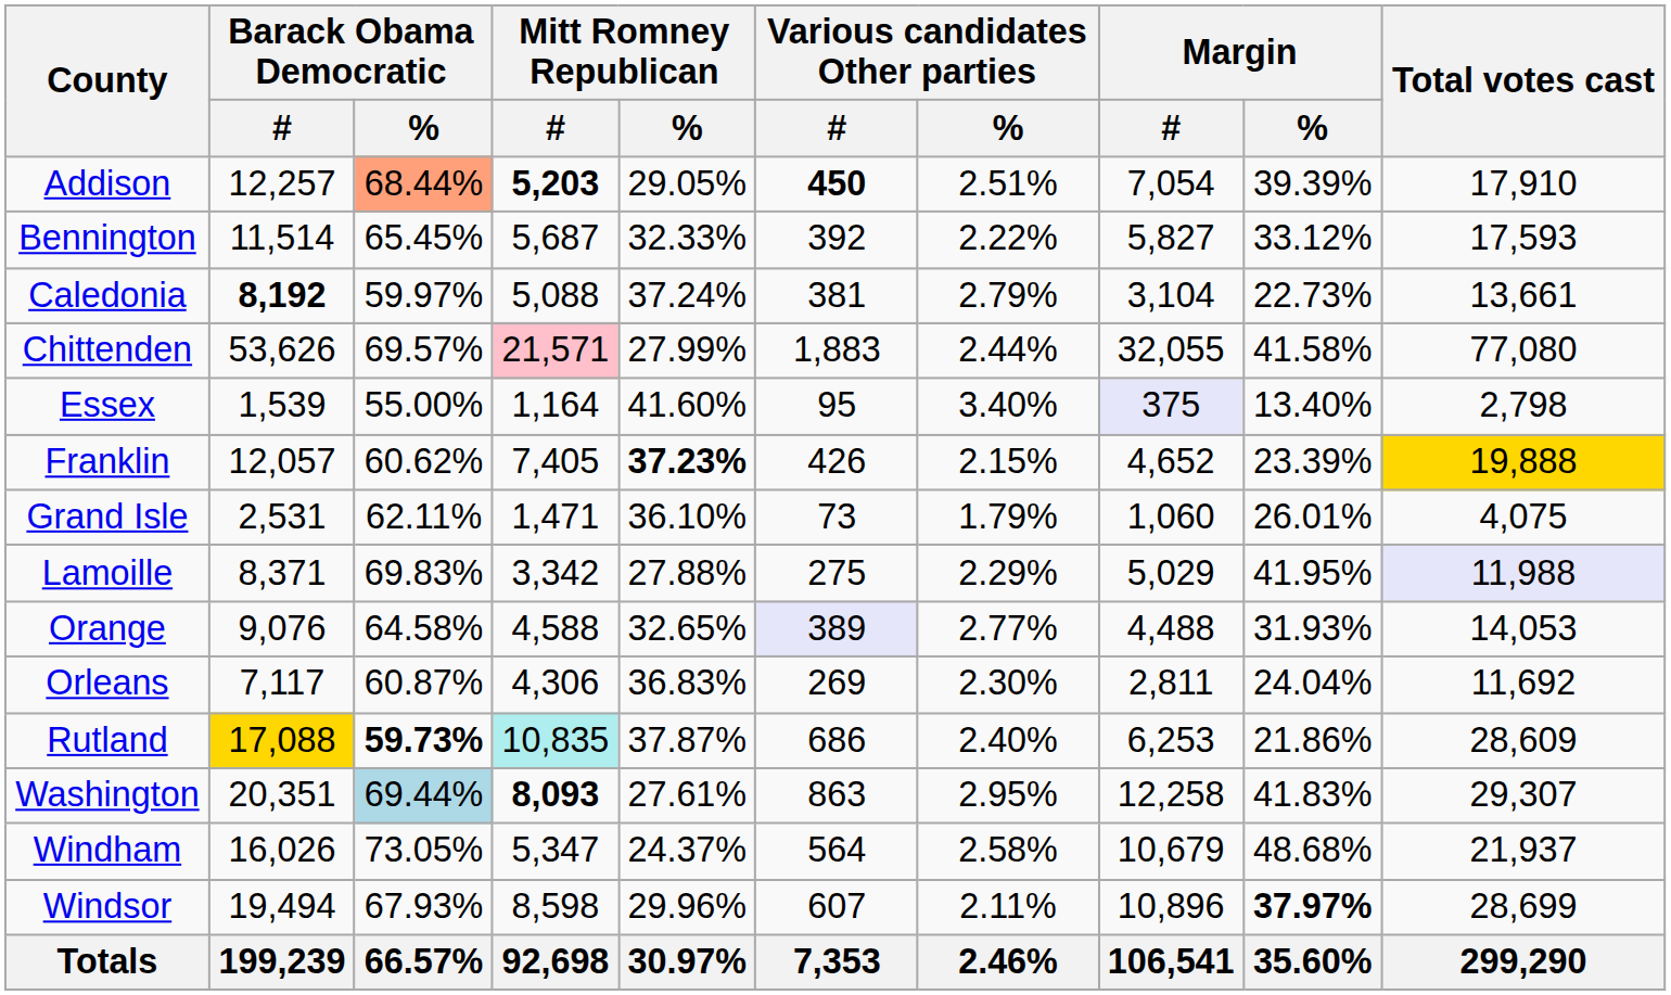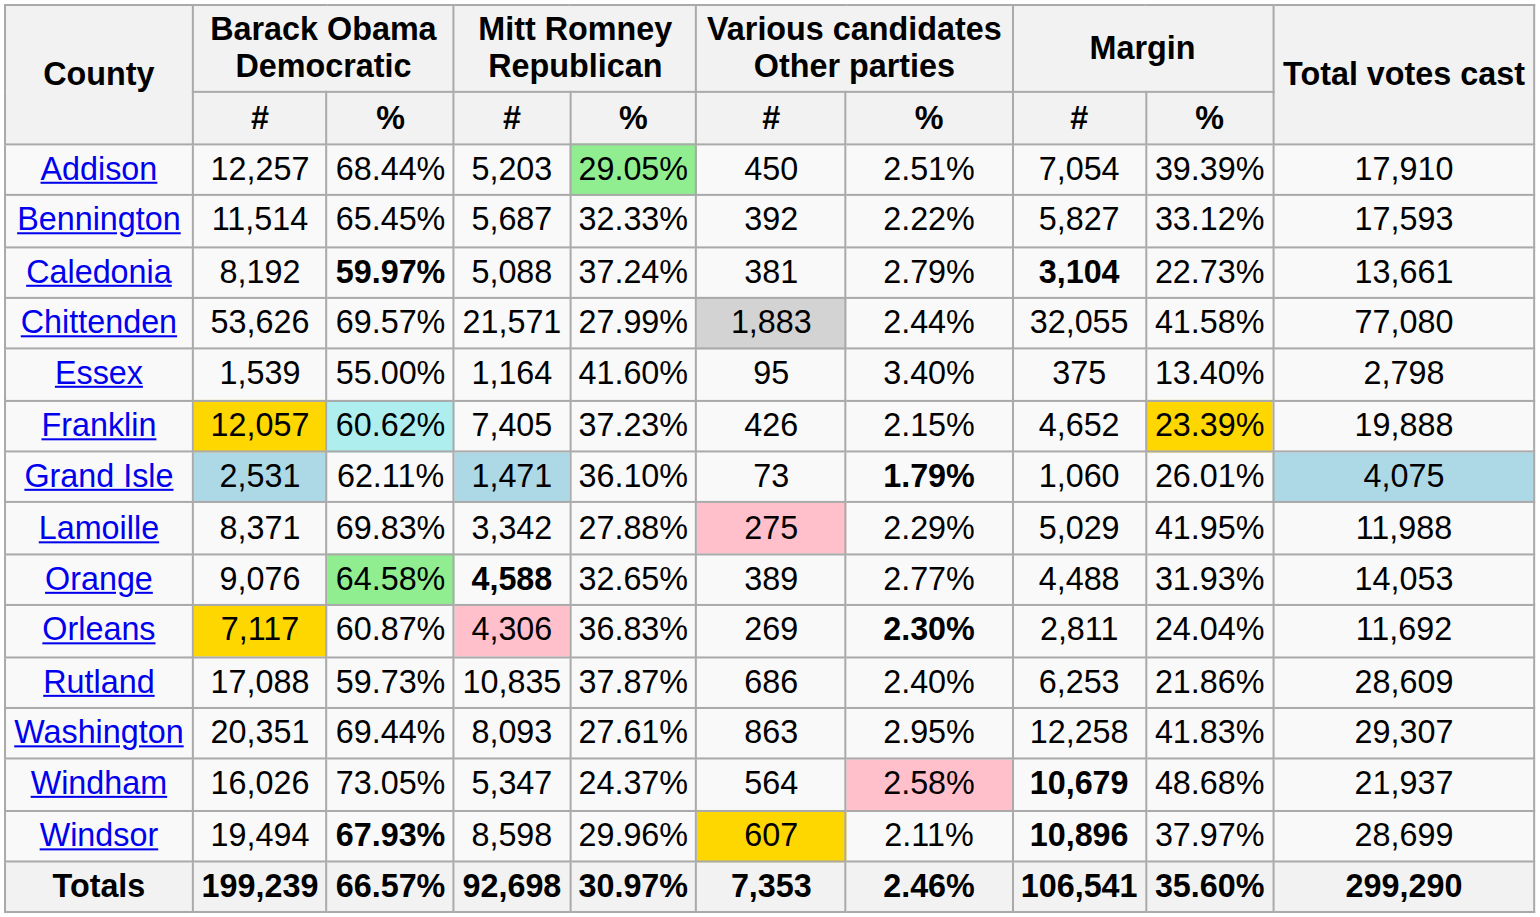 <table width="60%"  class="wikitable sortable" style="text-align:center">
 <tr>
 <th style="text-align:center;" rowspan="2">County</th>
 <th style="text-align:center;" colspan="2">Barack Obama<br>Democratic</th>
 <th style="text-align:center;" colspan="2">Mitt Romney<br>Republican</th>
 <th style="text-align:center;" colspan="2">Various candidates<br>Other parties</th>
 <th style="text-align:center;" colspan="2">Margin</th>
 <th style="text-align:center;" rowspan="2">Total votes cast</th>
 </tr>
 <tr>
 <th style="text-align:center;" data-sort-type="number">#</th>
 <th style="text-align:center;" data-sort-type="number">%</th>
 <th style="text-align:center;" data-sort-type="number">#</th>
 <th style="text-align:center;" data-sort-type="number">%</th>
 <th style="text-align:center;" data-sort-type="number">#</th>
 <th style="text-align:center;" data-sort-type="number">%</th>
 <th style="text-align:center;" data-sort-type="number">#</th>
 <th style="text-align:center;" data-sort-type="number">%</th>
 </tr>
 <tr style="text-align:center;">
 <td><a href='#'>Addison</a></td>
 <td>12,257</td>
-<td style="background: lightsalmon;">68.44%</td>
-<td><strong>5,203</strong></td>
-<td>29.05%</td>
-<td><strong>450</strong></td>
+<td>68.44%</td>
+<td>5,203</td>
+<td style="background: lightgreen;">29.05%</td>
+<td>450</td>
 <td>2.51%</td>
 <td>7,054</td>
 <td>39.39%</td>
 <td>17,910</td>
 </tr>
 <tr style="text-align:center;">
 <td><a href='#'>Bennington</a></td>
 <td>11,514</td>
 <td>65.45%</td>
 <td>5,687</td>
 <td>32.33%</td>
 <td>392</td>
 <td>2.22%</td>
 <td>5,827</td>
 <td>33.12%</td>
 <td>17,593</td>
 </tr>
 <tr style="text-align:center;">
 <td><a href='#'>Caledonia</a></td>
-<td><strong>8,192</strong></td>
-<td>59.97%</td>
+<td>8,192</td>
+<td><strong>59.97%</strong></td>
 <td>5,088</td>
 <td>37.24%</td>
 <td>381</td>
 <td>2.79%</td>
-<td>3,104</td>
+<td><strong>3,104</strong></td>
 <td>22.73%</td>
 <td>13,661</td>
 </tr>
 <tr style="text-align:center;">
 <td><a href='#'>Chittenden</a></td>
 <td>53,626</td>
 <td>69.57%</td>
-<td style="background: pink;">21,571</td>
+<td>21,571</td>
 <td>27.99%</td>
-<td>1,883</td>
+<td style="background: lightgrey;">1,883</td>
 <td>2.44%</td>
 <td>32,055</td>
 <td>41.58%</td>
 <td>77,080</td>
 </tr>
 <tr style="text-align:center;">
 <td><a href='#'>Essex</a></td>
 <td>1,539</td>
 <td>55.00%</td>
 <td>1,164</td>
 <td>41.60%</td>
 <td>95</td>
 <td>3.40%</td>
-<td style="background: lavender;">375</td>
+<td>375</td>
 <td>13.40%</td>
 <td>2,798</td>
 </tr>
 <tr style="text-align:center;">
 <td><a href='#'>Franklin</a></td>
-<td>12,057</td>
-<td>60.62%</td>
+<td style="background: gold;">12,057</td>
+<td style="background: paleturquoise;">60.62%</td>
 <td>7,405</td>
-<td><strong>37.23%</strong></td>
+<td>37.23%</td>
 <td>426</td>
 <td>2.15%</td>
 <td>4,652</td>
-<td>23.39%</td>
-<td style="background: gold;">19,888</td>
+<td style="background: gold;">23.39%</td>
+<td>19,888</td>
 </tr>
 <tr style="text-align:center;">
 <td><a href='#'>Grand Isle</a></td>
-<td>2,531</td>
+<td style="background: lightblue;">2,531</td>
 <td>62.11%</td>
-<td>1,471</td>
+<td style="background: lightblue;">1,471</td>
 <td>36.10%</td>
 <td>73</td>
-<td>1.79%</td>
+<td><strong>1.79%</strong></td>
 <td>1,060</td>
 <td>26.01%</td>
-<td>4,075</td>
+<td style="background: lightblue;">4,075</td>
 </tr>
 <tr style="text-align:center;">
 <td><a href='#'>Lamoille</a></td>
 <td>8,371</td>
 <td>69.83%</td>
 <td>3,342</td>
 <td>27.88%</td>
-<td>275</td>
+<td style="background: pink;">275</td>
 <td>2.29%</td>
 <td>5,029</td>
 <td>41.95%</td>
-<td style="background: lavender;">11,988</td>
+<td>11,988</td>
 </tr>
 <tr style="text-align:center;">
 <td><a href='#'>Orange</a></td>
 <td>9,076</td>
-<td>64.58%</td>
-<td>4,588</td>
+<td style="background: lightgreen;">64.58%</td>
+<td><strong>4,588</strong></td>
 <td>32.65%</td>
-<td style="background: lavender;">389</td>
+<td>389</td>
 <td>2.77%</td>
 <td>4,488</td>
 <td>31.93%</td>
 <td>14,053</td>
 </tr>
 <tr style="text-align:center;">
 <td><a href='#'>Orleans</a></td>
-<td>7,117</td>
+<td style="background: gold;">7,117</td>
 <td>60.87%</td>
-<td>4,306</td>
+<td style="background: pink;">4,306</td>
 <td>36.83%</td>
 <td>269</td>
-<td>2.30%</td>
+<td><strong>2.30%</strong></td>
 <td>2,811</td>
 <td>24.04%</td>
 <td>11,692</td>
 </tr>
 <tr style="text-align:center;">
 <td><a href='#'>Rutland</a></td>
-<td style="background: gold;">17,088</td>
-<td><strong>59.73%</strong></td>
-<td style="background: paleturquoise;">10,835</td>
+<td>17,088</td>
+<td>59.73%</td>
+<td>10,835</td>
 <td>37.87%</td>
 <td>686</td>
 <td>2.40%</td>
 <td>6,253</td>
 <td>21.86%</td>
 <td>28,609</td>
 </tr>
 <tr style="text-align:center;">
 <td><a href='#'>Washington</a></td>
 <td>20,351</td>
-<td style="background: lightblue;">69.44%</td>
-<td><strong>8,093</strong></td>
+<td>69.44%</td>
+<td>8,093</td>
 <td>27.61%</td>
 <td>863</td>
 <td>2.95%</td>
 <td>12,258</td>
 <td>41.83%</td>
 <td>29,307</td>
 </tr>
 <tr style="text-align:center;">
 <td><a href='#'>Windham</a></td>
 <td>16,026</td>
 <td>73.05%</td>
 <td>5,347</td>
 <td>24.37%</td>
 <td>564</td>
-<td>2.58%</td>
-<td>10,679</td>
+<td style="background: pink;">2.58%</td>
+<td><strong>10,679</strong></td>
 <td>48.68%</td>
 <td>21,937</td>
 </tr>
 <tr style="text-align:center;">
 <td><a href='#'>Windsor</a></td>
 <td>19,494</td>
-<td>67.93%</td>
+<td><strong>67.93%</strong></td>
 <td>8,598</td>
 <td>29.96%</td>
-<td>607</td>
+<td style="background: gold;">607</td>
 <td>2.11%</td>
-<td>10,896</td>
-<td><strong>37.97%</strong></td>
+<td><strong>10,896</strong></td>
+<td>37.97%</td>
 <td>28,699</td>
 </tr>
 <tr>
 <th>Totals</th>
 <th>199,239</th>
 <th>66.57%</th>
 <th>92,698</th>
 <th>30.97%</th>
 <th>7,353</th>
 <th>2.46%</th>
 <th>106,541</th>
 <th>35.60%</th>
 <th>299,290</th>
 </tr>
 </table>
